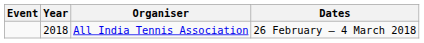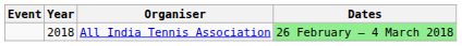 <table class="wikitable">
 <tr>
 <th>Event</th>
 <th>Year</th>
 <th>Organiser</th>
 <th>Dates</th>
 </tr>
 <tr>
 <td></td>
 <td>2018</td>
 <td><a href='#'>All India Tennis Association</a></td>
-<td>26 February – 4 March 2018</td>
+<td style="background: lightgreen;">26 February – 4 March 2018</td>
 </tr>
 </table>
